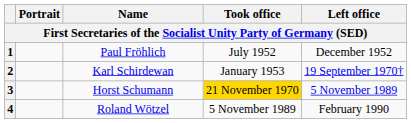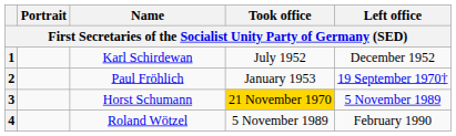 <table class="wikitable" style="text-align:center">
 <tr>
 <th></th>
 <th>Portrait</th>
 <th width=180>Name<br></th>
 <th>Took office</th>
 <th>Left office</th>
 </tr>
 <tr>
 <th colspan=5>First Secretaries of the <a href='#'>Socialist Unity Party of Germany</a> (SED)</th>
 </tr>
 <tr>
 <th style="background:">1</th>
 <td></td>
-<td><a href='#'>Paul Fröhlich</a><br></td>
+<td><a href='#'>Karl Schirdewan</a><br></td>
 <td>July 1952</td>
 <td>December 1952<br></td>
 </tr>
 <tr>
 <th style="background:">2</th>
 <td></td>
-<td><a href='#'>Karl Schirdewan</a><br></td>
+<td><a href='#'>Paul Fröhlich</a><br></td>
 <td>January 1953</td>
 <td><a href='#'>19 September 1970†</a></td>
 </tr>
 <tr>
 <th style="background:">3</th>
 <td></td>
 <td><a href='#'>Horst Schumann</a><br></td>
 <td style="background: gold;">21 November 1970</td>
 <td><a href='#'>5 November 1989<br></a></td>
 </tr>
 <tr>
 <th style="background:">4</th>
 <td></td>
 <td><a href='#'>Roland Wötzel</a><br></td>
 <td>5 November 1989</td>
 <td>February 1990</td>
 </tr>
 </table>
